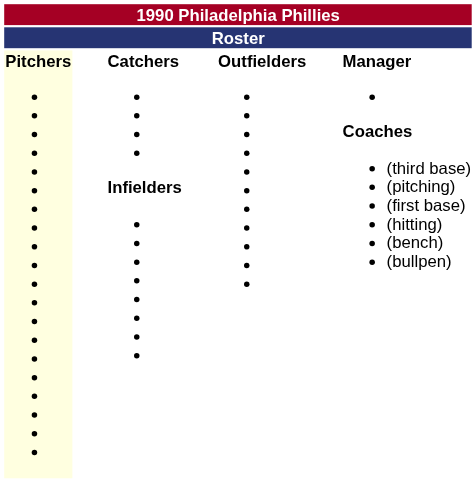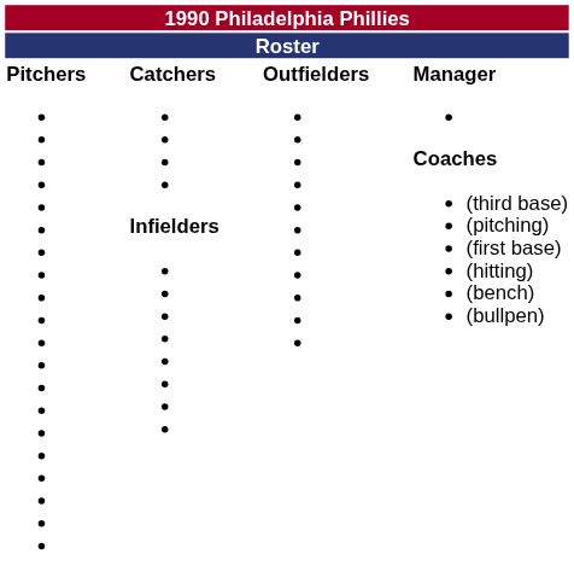 <table class="toccolours" style="font-size: 95%;">
 <tr>
 <th colspan="10" style="background-color: #A50024; color: #FFFFFF; text-align: center;">1990 Philadelphia Phillies</th>
 </tr>
 <tr>
 <td colspan="10" style="background-color: #263473; color: white; text-align: center;"><strong>Roster</strong></td>
 </tr>
 <tr>
-<td valign="top" style="background: lightyellow;"><strong>Pitchers</strong><br><ul><li></li><li></li><li></li><li></li><li></li><li></li><li></li><li></li><li></li><li></li><li></li><li></li><li></li><li></li><li></li><li></li><li></li><li></li><li></li><li></li></ul></td>
+<td valign="top"><strong>Pitchers</strong><br><ul><li></li><li></li><li></li><li></li><li></li><li></li><li></li><li></li><li></li><li></li><li></li><li></li><li></li><li></li><li></li><li></li><li></li><li></li><li></li><li></li></ul></td>
 <td width="25px"></td>
 <td valign="top"><strong>Catchers</strong><br><ul><li></li><li></li><li></li><li></li></ul><strong>Infielders</strong><ul><li></li><li></li><li></li><li></li><li></li><li></li><li></li><li></li></ul></td>
 <td width="25px"></td>
 <td valign="top"><strong>Outfielders</strong><br><ul><li></li><li></li><li></li><li></li><li></li><li></li><li></li><li></li><li></li><li></li><li></li></ul></td>
 <td width="25px"></td>
 <td valign="top"><strong>Manager</strong><br><ul><li></li></ul><strong>Coaches</strong><ul><li> (third base)</li><li> (pitching)</li><li> (first base)</li><li> (hitting)</li><li> (bench)</li><li> (bullpen)</li></ul></td>
 </tr>
 <tr>
 </tr>
 </table>
